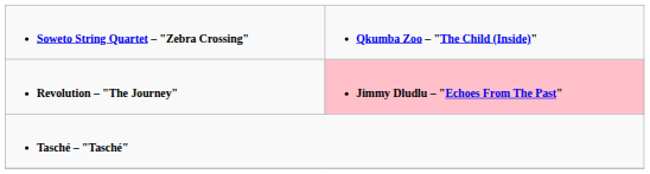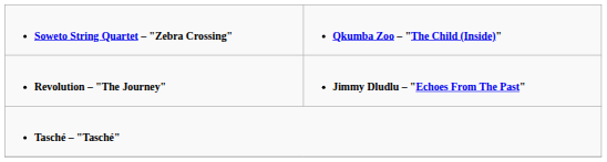 <table class=wikitable width="100%">
 <tr>
 <td valign="top" width="50%"><br><ul><li><strong><a href='#'>Soweto String Quartet</a> – "Zebra Crossing"</strong></li></ul></td>
 <td valign="top" width="50%"><br><ul><li><strong><a href='#'>Qkumba Zoo</a> – "<a href='#'>The Child (Inside)</a>"</strong></li></ul></td>
 </tr>
 <tr>
 <td valign="top" width="50%"><br><ul><li><strong>Revolution – "The Journey"</strong></li></ul></td>
-<td valign="top" width="50%" style="background: pink;"><br><ul><li><strong>Jimmy Dludlu – "<a href='#'>Echoes From The Past</a>"</strong></li></ul></td>
+<td valign="top" width="50%"><br><ul><li><strong>Jimmy Dludlu – "<a href='#'>Echoes From The Past</a>"</strong></li></ul></td>
 </tr>
 <tr>
 <td valign="top" colspan=2><br><ul><li><strong>Tasché – "Tasché"</strong></li></ul></td>
 </tr>
 <tr>
 </tr>
 </table>
